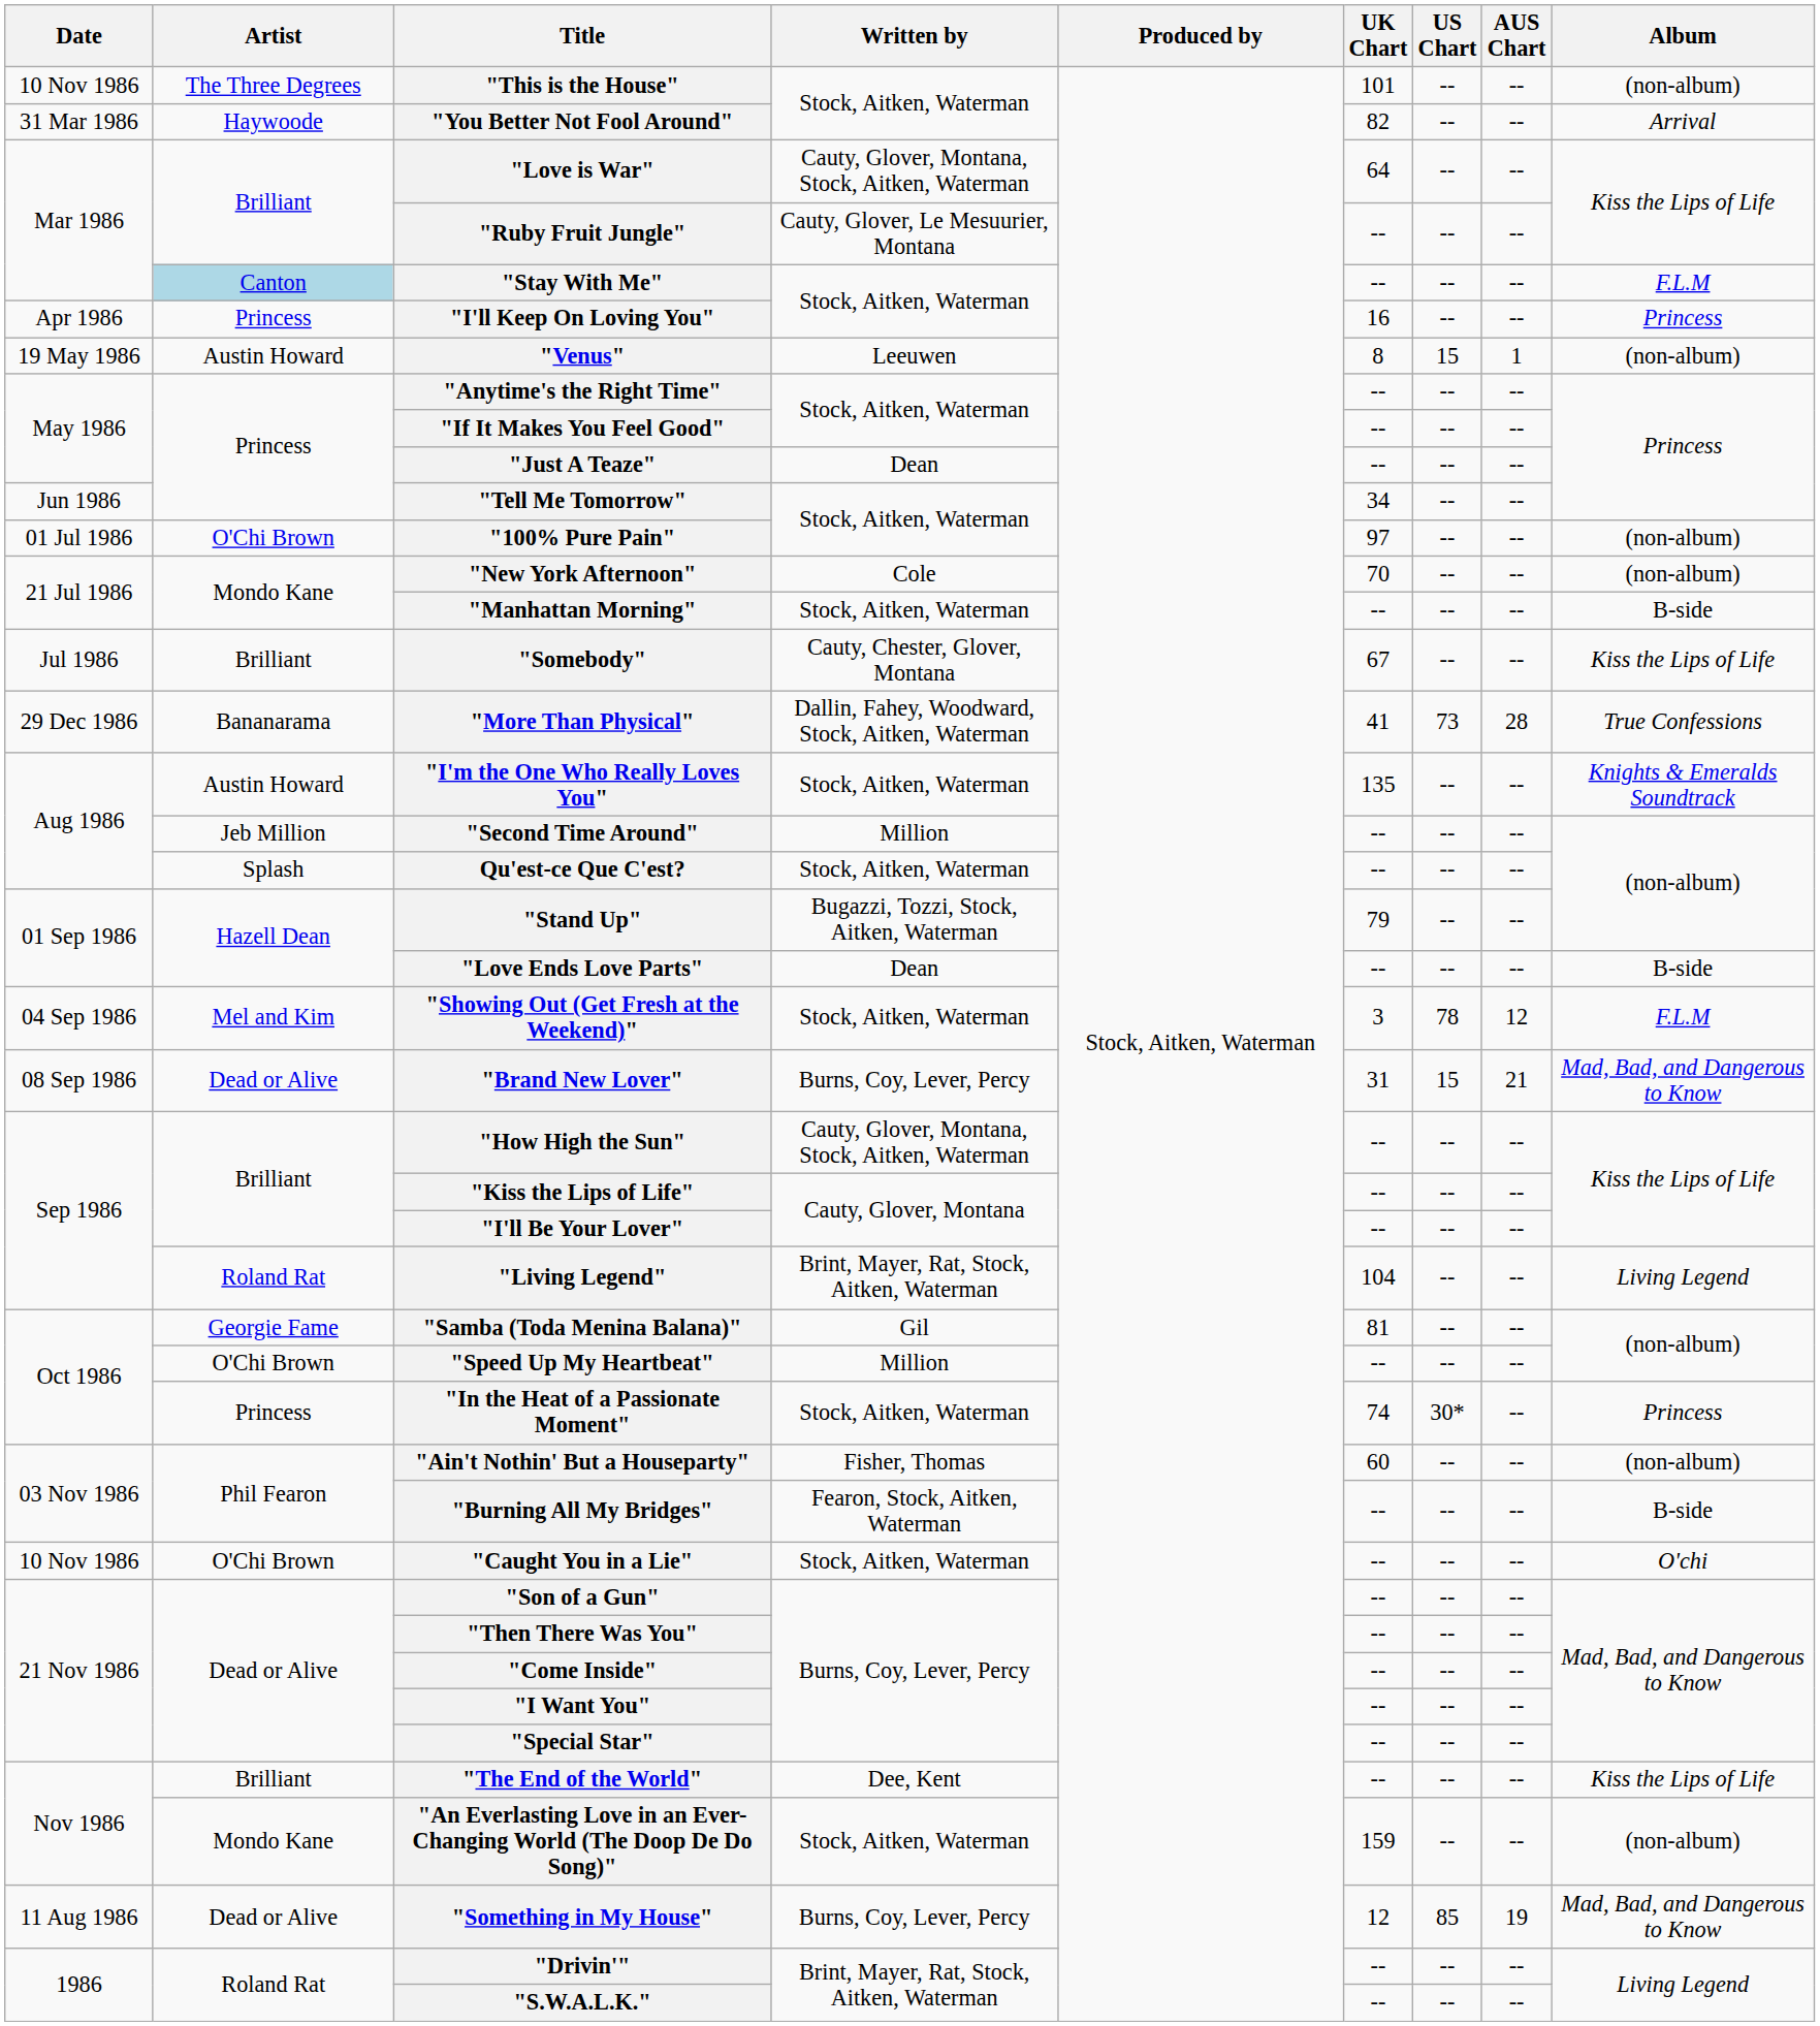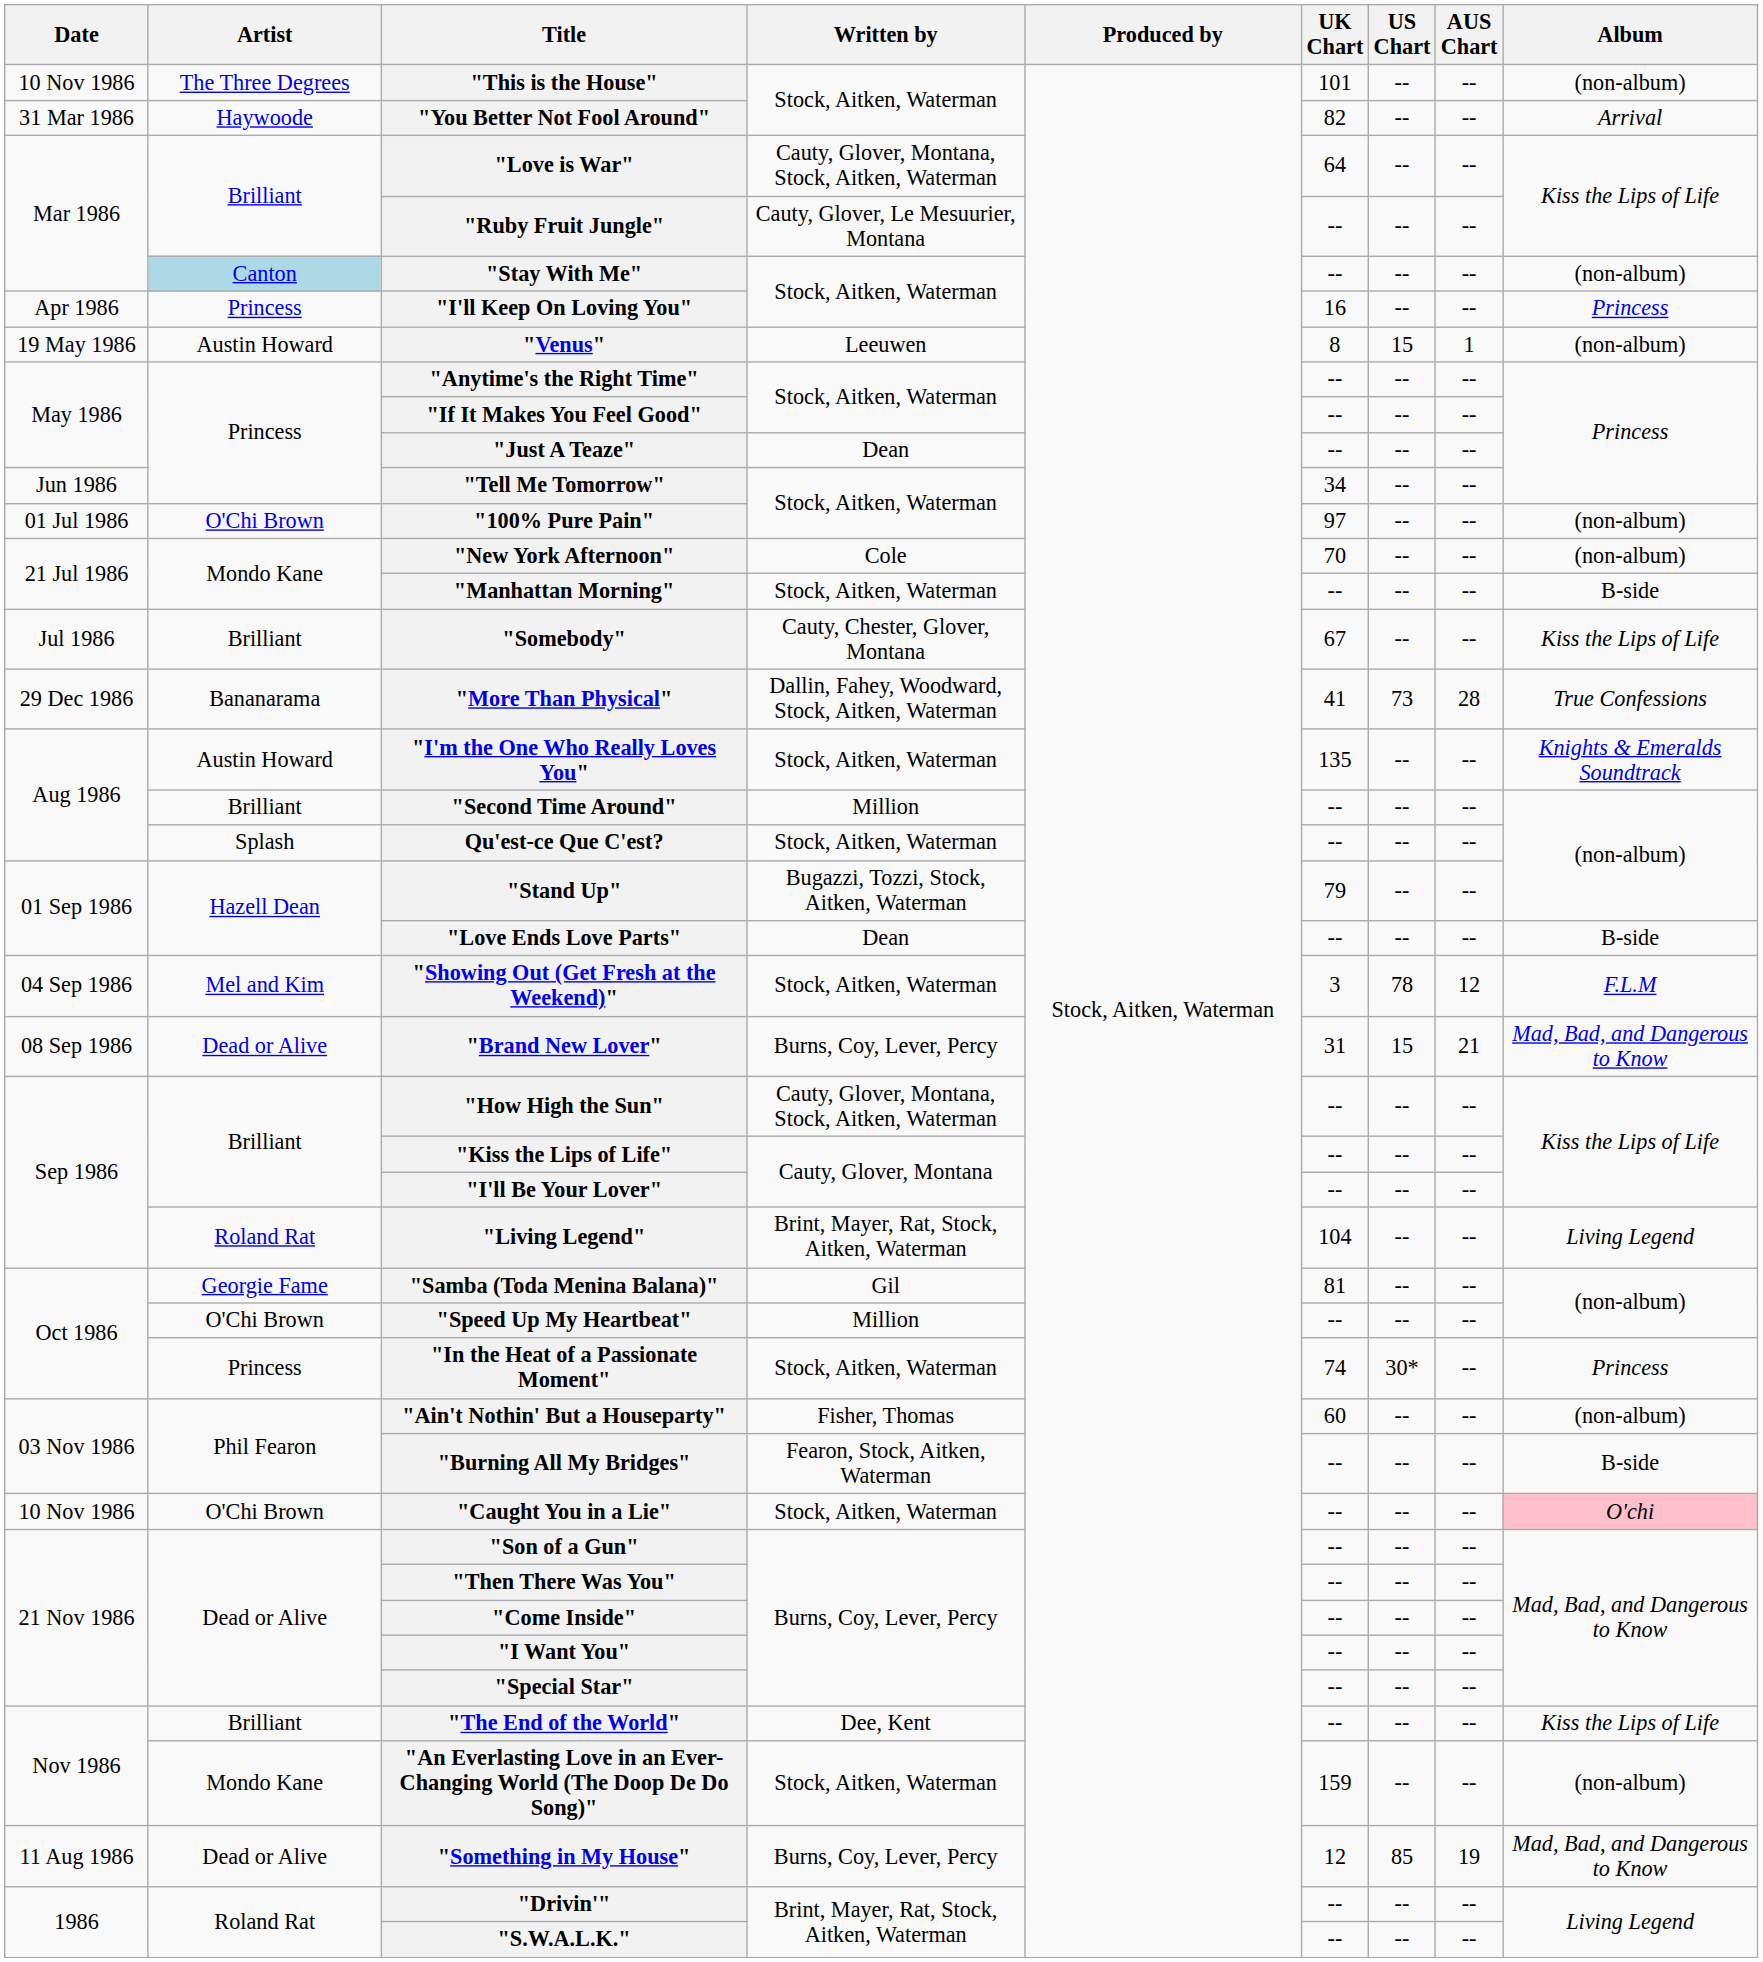 <table class="wikitable plainrowheaders" style="text-align:center;">
 <tr>
 <th scope="col" style="width:6em;">Date</th>
 <th scope="col" style="width:10em;">Artist</th>
 <th scope="col" style="width:16em;">Title</th>
 <th scope="col" style="width:12em;">Written by</th>
 <th scope="col" style="width:12em;">Produced by</th>
 <th scope="col" style="width:1em;">UK Chart</th>
 <th scope="col" style="width:1em;">US Chart</th>
 <th scope="col" style="width:1em;">AUS Chart</th>
 <th scope="col" style="width:11em;">Album</th>
 </tr>
 <tr>
 <td>10 Nov 1986</td>
 <td><a href='#'>The Three Degrees</a></td>
 <th scope="row">"This is the House"</th>
 <td rowspan="2">Stock, Aitken, Waterman</td>
 <td rowspan="43">Stock, Aitken, Waterman</td>
 <td>101</td>
 <td>--</td>
 <td>--</td>
 <td>(non-album)</td>
 </tr>
 <tr>
 <td>31 Mar 1986</td>
 <td><a href='#'>Haywoode</a></td>
 <th scope="row">"You Better Not Fool Around"</th>
 <td>82</td>
 <td>--</td>
 <td>--</td>
 <td><em>Arrival</em></td>
 </tr>
 <tr>
 <td rowspan="3">Mar 1986</td>
 <td rowspan="2"><a href='#'>Brilliant</a></td>
 <th scope="row">"Love is War"</th>
 <td>Cauty, Glover, Montana, Stock, Aitken, Waterman</td>
 <td>64</td>
 <td>--</td>
 <td>--</td>
 <td rowspan="2"><em>Kiss the Lips of Life</em></td>
 </tr>
 <tr>
 <th scope="row">"Ruby Fruit Jungle"</th>
 <td>Cauty, Glover, Le Mesuurier, Montana</td>
 <td>--</td>
 <td>--</td>
 <td>--</td>
 </tr>
 <tr>
 <td style="background: lightblue;"><a href='#'>Canton</a></td>
 <th scope="row">"Stay With Me"</th>
 <td rowspan="2">Stock, Aitken, Waterman</td>
 <td>--</td>
 <td>--</td>
 <td>--</td>
-<td><em><a href='#'>F.L.M</a></em></td>
+<td>(non-album)</td>
 </tr>
 <tr>
 <td>Apr 1986</td>
 <td><a href='#'>Princess</a></td>
 <th scope="row">"I'll Keep On Loving You"</th>
 <td>16</td>
 <td>--</td>
 <td>--</td>
 <td><em><a href='#'>Princess</a></em></td>
 </tr>
 <tr>
 <td>19 May 1986</td>
 <td>Austin Howard</td>
 <th scope="row">"<a href='#'>Venus</a>"</th>
 <td>Leeuwen</td>
 <td>8</td>
 <td>15</td>
 <td>1</td>
 <td>(non-album)</td>
 </tr>
 <tr>
 <td rowspan="3">May 1986</td>
 <td rowspan="4">Princess</td>
 <th scope="row">"Anytime's the Right Time"</th>
 <td rowspan="2”">Stock, Aitken, Waterman</td>
 <td>--</td>
 <td>--</td>
 <td>--</td>
 <td rowspan="4"><em>Princess</em></td>
 </tr>
 <tr>
 <th scope="row">"If It Makes You Feel Good"</th>
 <td>--</td>
 <td>--</td>
 <td>--</td>
 </tr>
 <tr>
 <th scope="row">"Just A Teaze"</th>
 <td>Dean</td>
 <td>--</td>
 <td>--</td>
 <td>--</td>
 </tr>
 <tr>
 <td>Jun 1986</td>
 <th scope="row">"Tell Me Tomorrow"</th>
 <td rowspan="2”">Stock, Aitken, Waterman</td>
 <td>34</td>
 <td>--</td>
 <td>--</td>
 </tr>
 <tr>
 <td>01 Jul 1986</td>
 <td><a href='#'>O'Chi Brown</a></td>
 <th scope="row">"100% Pure Pain"</th>
 <td>97</td>
 <td>--</td>
 <td>--</td>
 <td>(non-album)</td>
 </tr>
 <tr>
 <td rowspan="2">21 Jul 1986</td>
 <td rowspan="2">Mondo Kane</td>
 <th scope="row">"New York Afternoon"</th>
 <td>Cole</td>
 <td>70</td>
 <td>--</td>
 <td>--</td>
 <td>(non-album)</td>
 </tr>
 <tr>
 <th scope="row">"Manhattan Morning"</th>
 <td>Stock, Aitken, Waterman</td>
 <td>--</td>
 <td>--</td>
 <td>--</td>
 <td>B-side</td>
 </tr>
 <tr>
 <td>Jul 1986</td>
 <td>Brilliant</td>
 <th scope="row">"Somebody"</th>
 <td>Cauty, Chester, Glover, Montana</td>
 <td>67</td>
 <td>--</td>
 <td>--</td>
 <td><em>Kiss the Lips of Life</em></td>
 </tr>
 <tr>
 <td>29 Dec 1986</td>
 <td>Bananarama</td>
 <th scope="row">"<a href='#'>More Than Physical</a>"</th>
 <td>Dallin, Fahey, Woodward, Stock, Aitken, Waterman</td>
 <td>41</td>
 <td>73</td>
 <td>28</td>
 <td><em>True Confessions</em></td>
 </tr>
 <tr>
 <td rowspan="3">Aug 1986</td>
 <td>Austin Howard</td>
 <th scope="row">"<a href='#'>I'm the One Who Really Loves You</a>"</th>
 <td>Stock, Aitken, Waterman</td>
 <td>135</td>
 <td>--</td>
 <td>--</td>
 <td><em><a href='#'>Knights & Emeralds Soundtrack</a></em></td>
 </tr>
 <tr>
-<td>Jeb Million</td>
+<td>Brilliant</td>
 <th scope="row">"Second Time Around"</th>
 <td>Million</td>
 <td>--</td>
 <td>--</td>
 <td>--</td>
 <td rowspan="3">(non-album)</td>
 </tr>
 <tr>
 <td>Splash</td>
 <th scope="row">Qu'est-ce Que C'est?</th>
 <td>Stock, Aitken, Waterman</td>
 <td>--</td>
 <td>--</td>
 <td>--</td>
 </tr>
 <tr>
 <td rowspan="2">01 Sep 1986</td>
 <td rowspan="2"><a href='#'>Hazell Dean</a></td>
 <th scope="row">"Stand Up"</th>
 <td>Bugazzi, Tozzi, Stock, Aitken, Waterman</td>
 <td>79</td>
 <td>--</td>
 <td>--</td>
 </tr>
 <tr>
 <th scope="row">"Love Ends Love Parts"</th>
 <td>Dean</td>
 <td>--</td>
 <td>--</td>
 <td>--</td>
 <td>B-side</td>
 </tr>
 <tr>
 <td>04 Sep 1986</td>
 <td><a href='#'>Mel and Kim</a></td>
 <th scope="row">"<a href='#'>Showing Out (Get Fresh at the Weekend)</a>"</th>
 <td>Stock, Aitken, Waterman</td>
 <td>3</td>
 <td>78</td>
 <td>12</td>
 <td><em><a href='#'>F.L.M</a></em></td>
 </tr>
 <tr>
 <td>08 Sep 1986</td>
 <td><a href='#'>Dead or Alive</a></td>
 <th scope="row">"<a href='#'>Brand New Lover</a>"</th>
 <td>Burns, Coy, Lever, Percy</td>
 <td>31</td>
 <td>15</td>
 <td>21</td>
 <td><em><a href='#'>Mad, Bad, and Dangerous to Know</a></em></td>
 </tr>
 <tr>
 <td rowspan="4">Sep 1986</td>
 <td rowspan="3">Brilliant</td>
 <th scope="row">"How High the Sun"</th>
 <td>Cauty, Glover, Montana, Stock, Aitken, Waterman</td>
 <td>--</td>
 <td>--</td>
 <td>--</td>
 <td rowspan="3"><em>Kiss the Lips of Life</em></td>
 </tr>
 <tr>
 <th scope="row">"Kiss the Lips of Life"</th>
 <td rowspan="2">Cauty, Glover, Montana</td>
 <td>--</td>
 <td>--</td>
 <td>--</td>
 </tr>
 <tr>
 <th scope="row">"I'll Be Your Lover"</th>
 <td>--</td>
 <td>--</td>
 <td>--</td>
 </tr>
 <tr>
 <td><a href='#'>Roland Rat</a></td>
 <th scope="row">"Living Legend"</th>
 <td>Brint, Mayer, Rat, Stock, Aitken, Waterman</td>
 <td>104</td>
 <td>--</td>
 <td>--</td>
 <td><em>Living Legend</em></td>
 </tr>
 <tr>
 <td rowspan="3">Oct 1986</td>
 <td><a href='#'>Georgie Fame</a></td>
 <th scope="row">"Samba (Toda Menina Balana)"</th>
 <td>Gil</td>
 <td>81</td>
 <td>--</td>
 <td>--</td>
 <td rowspan="2">(non-album)</td>
 </tr>
 <tr>
 <td>O'Chi Brown</td>
 <th scope="row">"Speed Up My Heartbeat"</th>
 <td>Million</td>
 <td>--</td>
 <td>--</td>
 <td>--</td>
 </tr>
 <tr>
 <td>Princess</td>
 <th scope="row">"In the Heat of a Passionate Moment"</th>
 <td>Stock, Aitken, Waterman</td>
 <td>74</td>
 <td>30*</td>
 <td>--</td>
 <td><em>Princess</em></td>
 </tr>
 <tr>
 <td rowspan="2">03 Nov 1986</td>
 <td rowspan="2">Phil Fearon</td>
 <th scope="row">"Ain't Nothin' But a Houseparty"</th>
 <td>Fisher, Thomas</td>
 <td>60</td>
 <td>--</td>
 <td>--</td>
 <td>(non-album)</td>
 </tr>
 <tr>
 <th scope="row">"Burning All My Bridges"</th>
 <td>Fearon, Stock, Aitken, Waterman</td>
 <td>--</td>
 <td>--</td>
 <td>--</td>
 <td>B-side</td>
 </tr>
 <tr>
 <td>10 Nov 1986</td>
 <td>O'Chi Brown</td>
 <th scope="row">"Caught You in a Lie"</th>
 <td>Stock, Aitken, Waterman</td>
 <td>--</td>
 <td>--</td>
 <td>--</td>
-<td><em>O'chi</em></td>
+<td style="background: pink;"><em>O'chi</em></td>
 </tr>
 <tr>
 <td rowspan="5">21 Nov 1986</td>
 <td rowspan="5">Dead or Alive</td>
 <th scope="row">"Son of a Gun"</th>
 <td rowspan="5">Burns, Coy, Lever, Percy</td>
 <td>--</td>
 <td>--</td>
 <td>--</td>
 <td rowspan="5"><em>Mad, Bad, and Dangerous to Know</em></td>
 </tr>
 <tr>
 <th scope="row">"Then There Was You"</th>
 <td>--</td>
 <td>--</td>
 <td>--</td>
 </tr>
 <tr>
 <th scope="row">"Come Inside"</th>
 <td>--</td>
 <td>--</td>
 <td>--</td>
 </tr>
 <tr>
 <th scope="row">"I Want You"</th>
 <td>--</td>
 <td>--</td>
 <td>--</td>
 </tr>
 <tr>
 <th scope="row">"Special Star"</th>
 <td>--</td>
 <td>--</td>
 <td>--</td>
 </tr>
 <tr>
 <td rowspan="2">Nov 1986</td>
 <td>Brilliant</td>
 <th scope="row">"<a href='#'>The End of the World</a>"</th>
 <td>Dee, Kent</td>
 <td>--</td>
 <td>--</td>
 <td>--</td>
 <td><em>Kiss the Lips of Life</em></td>
 </tr>
 <tr>
 <td>Mondo Kane</td>
 <th scope="row">"An Everlasting Love in an Ever-Changing World (The Doop De Do Song)"</th>
 <td>Stock, Aitken, Waterman</td>
 <td>159</td>
 <td>--</td>
 <td>--</td>
 <td>(non-album)</td>
 </tr>
 <tr>
 <td>11 Aug 1986</td>
 <td>Dead or Alive</td>
 <th scope="row">"<a href='#'>Something in My House</a>"</th>
 <td>Burns, Coy, Lever, Percy</td>
 <td>12</td>
 <td>85</td>
 <td>19</td>
 <td><em>Mad, Bad, and Dangerous to Know</em></td>
 </tr>
 <tr>
 <td rowspan="2">1986</td>
 <td rowspan="2">Roland Rat</td>
 <th scope="row">"Drivin'"</th>
 <td rowspan="2">Brint, Mayer, Rat, Stock, Aitken, Waterman</td>
 <td>--</td>
 <td>--</td>
 <td>--</td>
 <td rowspan="2"><em>Living Legend</em></td>
 </tr>
 <tr>
 <th scope="row">"S.W.A.L.K."</th>
 <td>--</td>
 <td>--</td>
 <td>--</td>
 </tr>
 </table>
